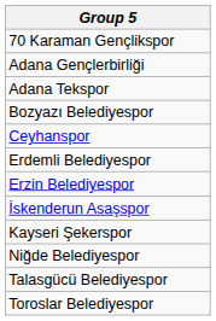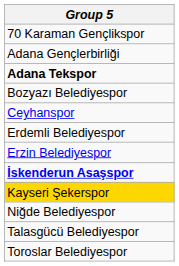 <table class="wikitable collapsible collapsed" style="font-size:95%;">
 <tr>
 <th colspan="1" width="200"><em>Group 5</em></th>
 </tr>
 <tr>
 <td>70 Karaman Gençlikspor</td>
 </tr>
 <tr>
 <td>Adana Gençlerbirliği</td>
 </tr>
 <tr>
-<td>Adana Tekspor</td>
+<td><strong>Adana Tekspor</strong></td>
 </tr>
 <tr>
 <td>Bozyazı Belediyespor</td>
 </tr>
 <tr>
 <td><a href='#'>Ceyhanspor</a></td>
 </tr>
 <tr>
 <td>Erdemli Belediyespor</td>
 </tr>
 <tr>
 <td><a href='#'>Erzin Belediyespor</a></td>
 </tr>
 <tr>
-<td><a href='#'>İskenderun Asaşspor</a></td>
+<td><strong><a href='#'>İskenderun Asaşspor</a></strong></td>
 </tr>
 <tr>
-<td>Kayseri Şekerspor</td>
+<td style="background: gold;">Kayseri Şekerspor</td>
 </tr>
 <tr>
 <td>Niğde Belediyespor</td>
 </tr>
 <tr>
 <td>Talasgücü Belediyespor</td>
 </tr>
 <tr>
 <td>Toroslar Belediyespor</td>
 </tr>
 </table>
